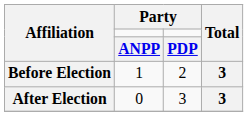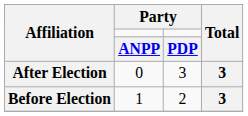 <table class="wikitable" style="text-align:center">
 <tr>
 <th rowspan="3">Affiliation</th>
 <th colspan="2">Party</th>
 <th rowspan="3">Total</th>
 </tr>
 <tr>
 <td style="background-color:"></td>
 <td style="background-color:"></td>
 </tr>
 <tr>
 <th><a href='#'>ANPP</a></th>
 <th><a href='#'>PDP</a></th>
 </tr>
 <tr>
+<th>After Election</th>
+<td>0</td>
+<td>3</td>
+<th>3</th>
+</tr>
+<tr>
 <th>Before Election</th>
 <td>1</td>
 <td>2</td>
 <th>3</th>
 </tr>
 <tr>
-<th>After Election</th>
-<td>0</td>
-<td>3</td>
-<th>3</th>
-</tr>
-<tr>
 </tr>
 </table>
